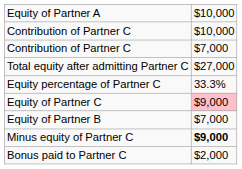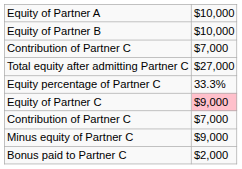 <table class="wikitable">
 <tr>
 <td>Equity of Partner A</td>
 <td>$10,000</td>
 </tr>
 <tr>
-<td>Contribution of Partner C</td>
+<td>Equity of Partner B</td>
 <td>$10,000</td>
 </tr>
 <tr>
 <td>Contribution of Partner C</td>
 <td>$7,000</td>
 </tr>
 <tr>
 <td>Total equity after admitting Partner C</td>
 <td>$27,000</td>
 </tr>
 <tr>
 <td>Equity percentage of Partner C</td>
 <td>33.3%</td>
 </tr>
 <tr>
 <td>Equity of Partner C</td>
 <td style="background: pink;">$9,000</td>
 </tr>
 <tr>
-<td>Equity of Partner B</td>
+<td>Contribution of Partner C</td>
 <td>$7,000</td>
 </tr>
 <tr>
 <td>Minus equity of Partner C</td>
-<td><strong>$9,000</strong></td>
+<td>$9,000</td>
 </tr>
 <tr>
 <td>Bonus paid to Partner C</td>
 <td>$2,000</td>
 </tr>
 </table>
